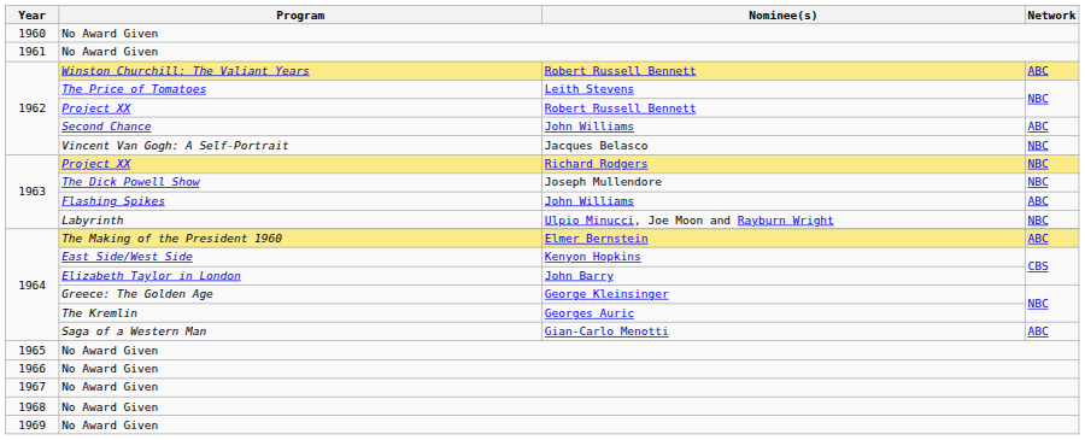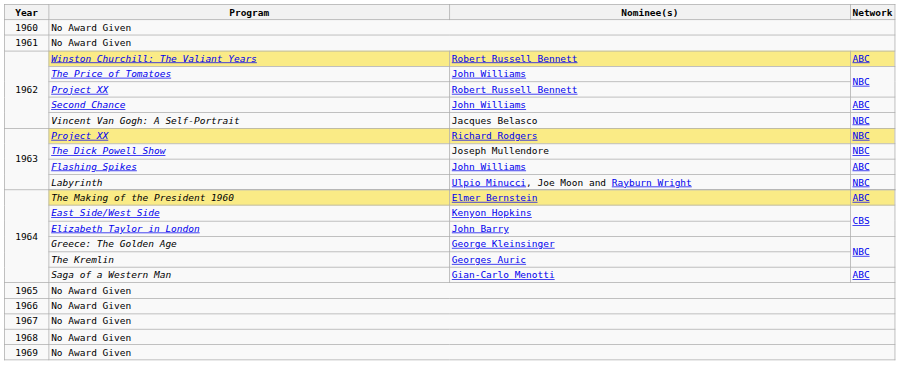 <table class="wikitable">
 <tr>
 <th width="5%">Year</th>
 <th width="45%">Program</th>
 <th width="45%">Nominee(s)</th>
 <th width="5%">Network</th>
 </tr>
 <tr>
 <td rowspan="1" style="text-align:center;">1960</td>
 <td colspan="3">No Award Given</td>
 </tr>
 <tr>
 <td rowspan="1" style="text-align:center;">1961</td>
 <td colspan="3">No Award Given</td>
 </tr>
 <tr>
 <td rowspan="5" style="text-align:center;">1962</td>
 <td style="background:#FAEB86;"><em><a href='#'>Winston Churchill: The Valiant Years</a></em></td>
 <td style="background:#FAEB86;"><a href='#'>Robert Russell Bennett</a></td>
 <td style="background:#FAEB86;"><a href='#'>ABC</a></td>
 </tr>
 <tr>
 <td><em><a href='#'>The Price of Tomatoes</a></em></td>
-<td><a href='#'>Leith Stevens</a></td>
+<td><a href='#'>John Williams</a></td>
 <td rowspan=2><a href='#'>NBC</a></td>
 </tr>
 <tr>
 <td><em><a href='#'>Project XX</a></em></td>
 <td><a href='#'>Robert Russell Bennett</a></td>
 </tr>
 <tr>
 <td><em><a href='#'>Second Chance</a></em></td>
 <td><a href='#'>John Williams</a></td>
 <td><a href='#'>ABC</a></td>
 </tr>
 <tr>
 <td><em>Vincent Van Gogh: A Self-Portrait</em></td>
 <td>Jacques Belasco</td>
 <td><a href='#'>NBC</a></td>
 </tr>
 <tr>
 <td rowspan="4" style="text-align:center;">1963</td>
 <td style="background:#FAEB86;"><em><a href='#'>Project XX</a></em></td>
 <td style="background:#FAEB86;"><a href='#'>Richard Rodgers</a></td>
 <td style="background:#FAEB86;"><a href='#'>NBC</a></td>
 </tr>
 <tr>
 <td><em><a href='#'>The Dick Powell Show</a></em></td>
 <td>Joseph Mullendore</td>
 <td><a href='#'>NBC</a></td>
 </tr>
 <tr>
 <td><em><a href='#'>Flashing Spikes</a></em></td>
 <td><a href='#'>John Williams</a></td>
 <td><a href='#'>ABC</a></td>
 </tr>
 <tr>
 <td><em>Labyrinth</em></td>
 <td><a href='#'>Ulpio Minucci</a>, Joe Moon and <a href='#'>Rayburn Wright</a></td>
 <td><a href='#'>NBC</a></td>
 </tr>
 <tr>
 <td rowspan="7" style="text-align:center;">1964</td>
 </tr>
 <tr style="background:#FAEB86;">
 <td><em>The Making of the President 1960</em></td>
 <td><a href='#'>Elmer Bernstein</a></td>
 <td><a href='#'>ABC</a></td>
 </tr>
 <tr>
 <td><em><a href='#'>East Side/West Side</a></em></td>
 <td><a href='#'>Kenyon Hopkins</a></td>
 <td rowspan=2><a href='#'>CBS</a></td>
 </tr>
 <tr>
 <td><em><a href='#'>Elizabeth Taylor in London</a></em></td>
 <td><a href='#'>John Barry</a></td>
 </tr>
 <tr>
 <td><em>Greece: The Golden Age</em></td>
 <td><a href='#'>George Kleinsinger</a></td>
 <td rowspan=2><a href='#'>NBC</a></td>
 </tr>
 <tr>
 <td><em>The Kremlin</em></td>
 <td><a href='#'>Georges Auric</a></td>
 </tr>
 <tr>
 <td><em>Saga of a Western Man</em></td>
 <td><a href='#'>Gian-Carlo Menotti</a></td>
 <td><a href='#'>ABC</a></td>
 </tr>
 <tr>
 <td rowspan="1" style="text-align:center;">1965</td>
 <td colspan="3">No Award Given</td>
 </tr>
 <tr>
 <td rowspan="1" style="text-align:center;">1966</td>
 <td colspan="3">No Award Given</td>
 </tr>
 <tr>
 <td rowspan="1" style="text-align:center;">1967</td>
 <td colspan="3">No Award Given</td>
 </tr>
 <tr>
 <td rowspan="1" style="text-align:center;">1968</td>
 <td colspan="3">No Award Given</td>
 </tr>
 <tr>
 <td rowspan="1" style="text-align:center;">1969</td>
 <td colspan="3">No Award Given</td>
 </tr>
 </table>
